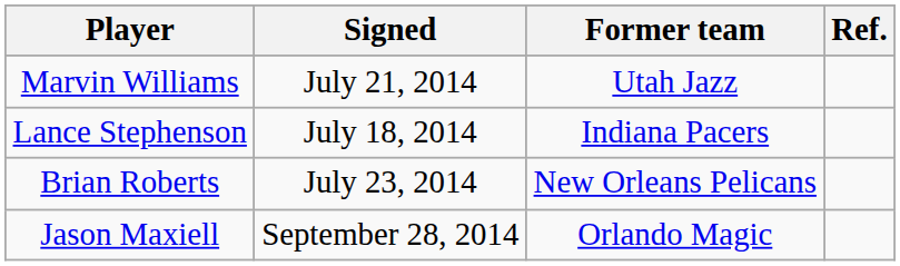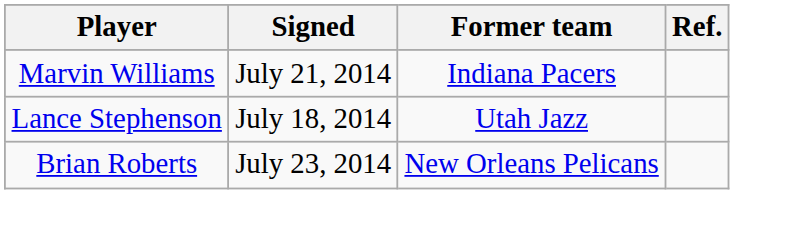 <table class="wikitable sortable sortable" style="text-align: center">
 <tr>
 <th>Player</th>
 <th>Signed</th>
 <th>Former team</th>
 <th>Ref.</th>
 </tr>
 <tr style="text-align: center">
 <td><a href='#'>Marvin Williams</a></td>
 <td>July 21, 2014</td>
-<td><a href='#'>Utah Jazz</a></td>
+<td><a href='#'>Indiana Pacers</a></td>
 <td></td>
 </tr>
 <tr style="text-align: center">
 <td><a href='#'>Lance Stephenson</a></td>
 <td>July 18, 2014</td>
-<td><a href='#'>Indiana Pacers</a></td>
+<td><a href='#'>Utah Jazz</a></td>
 <td></td>
 </tr>
 <tr style="text-align: center">
 <td><a href='#'>Brian Roberts</a></td>
 <td>July 23, 2014</td>
 <td><a href='#'>New Orleans Pelicans</a></td>
 <td></td>
 </tr>
-<tr style="text-align: center">
-<td><a href='#'>Jason Maxiell</a></td>
-<td>September 28, 2014</td>
-<td><a href='#'>Orlando Magic</a></td>
-<td></td>
-</tr>
 </table>
